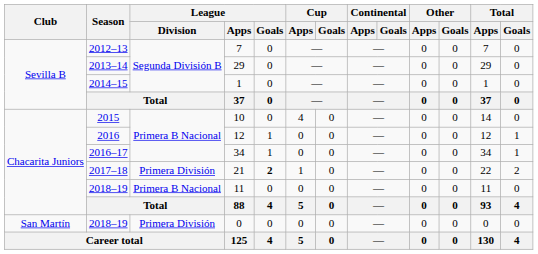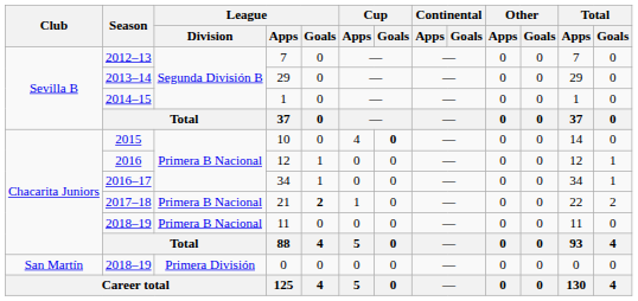 <table class="wikitable" style="text-align:center">
 <tr>
 <th rowspan="2">Club</th>
 <th rowspan="2">Season</th>
 <th colspan="3">League</th>
 <th colspan="2">Cup</th>
 <th colspan="2">Continental</th>
 <th colspan="2">Other</th>
 <th colspan="2">Total</th>
 </tr>
 <tr>
 <th>Division</th>
 <th>Apps</th>
 <th>Goals</th>
 <th>Apps</th>
 <th>Goals</th>
 <th>Apps</th>
 <th>Goals</th>
 <th>Apps</th>
 <th>Goals</th>
 <th>Apps</th>
 <th>Goals</th>
 </tr>
 <tr>
 <td rowspan="4"><a href='#'>Sevilla B</a></td>
 <td><a href='#'>2012–13</a></td>
 <td rowspan="3"><a href='#'>Segunda División B</a></td>
 <td>7</td>
 <td>0</td>
 <td colspan="2">—</td>
 <td colspan="2">—</td>
 <td>0</td>
 <td>0</td>
 <td>7</td>
 <td>0</td>
 </tr>
 <tr>
 <td><a href='#'>2013–14</a></td>
 <td>29</td>
 <td>0</td>
 <td colspan="2">—</td>
 <td colspan="2">—</td>
 <td>0</td>
 <td>0</td>
 <td>29</td>
 <td>0</td>
 </tr>
 <tr>
 <td><a href='#'>2014–15</a></td>
 <td>1</td>
 <td>0</td>
 <td colspan="2">—</td>
 <td colspan="2">—</td>
 <td>0</td>
 <td>0</td>
 <td>1</td>
 <td>0</td>
 </tr>
 <tr>
 <th colspan="2">Total</th>
 <th>37</th>
 <th>0</th>
 <th colspan="2">—</th>
 <th colspan="2">—</th>
 <th>0</th>
 <th>0</th>
 <th>37</th>
 <th>0</th>
 </tr>
 <tr>
 <td rowspan="6"><a href='#'>Chacarita Juniors</a></td>
 <td><a href='#'>2015</a></td>
 <td rowspan="3"><a href='#'>Primera B Nacional</a></td>
 <td>10</td>
 <td>0</td>
 <td>4</td>
-<td>0</td>
+<td><strong>0</strong></td>
 <td colspan="2">—</td>
 <td>0</td>
 <td>0</td>
 <td>14</td>
 <td>0</td>
 </tr>
 <tr>
 <td><a href='#'>2016</a></td>
 <td>12</td>
 <td>1</td>
 <td>0</td>
 <td>0</td>
 <td colspan="2">—</td>
 <td>0</td>
 <td>0</td>
 <td>12</td>
 <td>1</td>
 </tr>
 <tr>
 <td><a href='#'>2016–17</a></td>
 <td>34</td>
 <td>1</td>
 <td>0</td>
 <td>0</td>
 <td colspan="2">—</td>
 <td>0</td>
 <td>0</td>
 <td>34</td>
 <td>1</td>
 </tr>
 <tr>
 <td><a href='#'>2017–18</a></td>
-<td rowspan="1"><a href='#'>Primera División</a></td>
+<td rowspan="1"><a href='#'>Primera B Nacional</a></td>
 <td>21</td>
 <td><strong>2</strong></td>
 <td>1</td>
 <td>0</td>
 <td colspan="2">—</td>
 <td>0</td>
 <td>0</td>
 <td>22</td>
 <td>2</td>
 </tr>
 <tr>
 <td><a href='#'>2018–19</a></td>
 <td rowspan="1"><a href='#'>Primera B Nacional</a></td>
 <td>11</td>
 <td>0</td>
 <td>0</td>
 <td>0</td>
 <td colspan="2">—</td>
 <td>0</td>
 <td>0</td>
 <td>11</td>
 <td>0</td>
 </tr>
 <tr>
 <th colspan="2">Total</th>
 <th>88</th>
 <th>4</th>
 <th>5</th>
 <th>0</th>
 <th colspan="2">—</th>
 <th>0</th>
 <th>0</th>
 <th>93</th>
 <th>4</th>
 </tr>
 <tr>
 <td rowspan="1"><a href='#'>San Martín</a></td>
 <td><a href='#'>2018–19</a></td>
 <td rowspan="1"><a href='#'>Primera División</a></td>
 <td>0</td>
 <td>0</td>
 <td>0</td>
 <td>0</td>
 <td colspan="2">—</td>
 <td>0</td>
 <td>0</td>
 <td>0</td>
 <td>0</td>
 </tr>
 <tr>
 <th colspan="3">Career total</th>
 <th>125</th>
 <th>4</th>
 <th>5</th>
 <th>0</th>
 <th colspan="2">—</th>
 <th>0</th>
 <th>0</th>
 <th>130</th>
 <th>4</th>
 </tr>
 </table>
